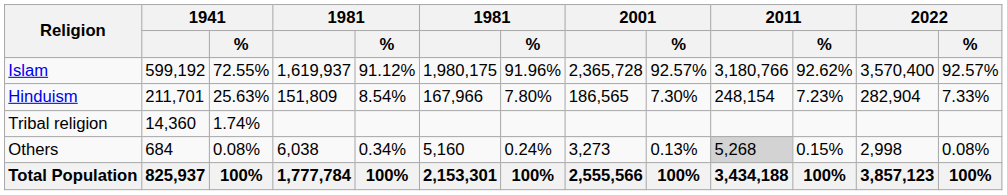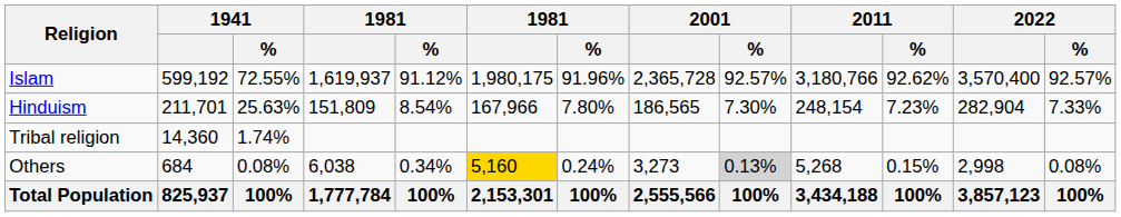 <table class="wikitable sortable">
 <tr>
 <th rowspan="2">Religion</th>
 <th colspan="2">1941</th>
 <th colspan="2">1981</th>
 <th colspan="2">1981</th>
 <th colspan="2">2001</th>
 <th colspan="2">2011</th>
 <th colspan="2">2022</th>
 </tr>
 <tr>
 <th></th>
 <th>%</th>
 <th></th>
 <th>%</th>
 <th></th>
 <th>%</th>
 <th></th>
 <th>%</th>
 <th></th>
 <th>%</th>
 <th></th>
 <th>%</th>
 </tr>
 <tr>
 <td><a href='#'>Islam</a> </td>
 <td>599,192</td>
 <td>72.55%</td>
 <td>1,619,937</td>
 <td>91.12%</td>
 <td>1,980,175</td>
 <td>91.96%</td>
 <td>2,365,728</td>
 <td>92.57%</td>
 <td>3,180,766</td>
 <td>92.62%</td>
 <td>3,570,400</td>
 <td>92.57%</td>
 </tr>
 <tr>
 <td><a href='#'>Hinduism</a> </td>
 <td>211,701</td>
 <td>25.63%</td>
 <td>151,809</td>
 <td>8.54%</td>
 <td>167,966</td>
 <td>7.80%</td>
 <td>186,565</td>
 <td>7.30%</td>
 <td>248,154</td>
 <td>7.23%</td>
 <td>282,904</td>
 <td>7.33%</td>
 </tr>
 <tr>
 <td>Tribal religion</td>
 <td>14,360</td>
 <td>1.74%</td>
 <td></td>
 <td></td>
 <td></td>
 <td></td>
 <td></td>
 <td></td>
 <td></td>
 <td></td>
 <td></td>
 <td></td>
 </tr>
 <tr>
 <td>Others </td>
 <td>684</td>
 <td>0.08%</td>
 <td>6,038</td>
 <td>0.34%</td>
-<td>5,160</td>
+<td style="background: gold;">5,160</td>
 <td>0.24%</td>
 <td>3,273</td>
-<td>0.13%</td>
-<td style="background: lightgrey;">5,268</td>
+<td style="background: lightgrey;">0.13%</td>
+<td>5,268</td>
 <td>0.15%</td>
 <td>2,998</td>
 <td>0.08%</td>
 </tr>
 <tr>
 <th>Total Population</th>
 <th>825,937</th>
 <th>100%</th>
 <th>1,777,784</th>
 <th>100%</th>
 <th>2,153,301</th>
 <th>100%</th>
 <th>2,555,566</th>
 <th>100%</th>
 <th>3,434,188</th>
 <th>100%</th>
 <th>3,857,123</th>
 <th>100%</th>
 </tr>
 </table>
